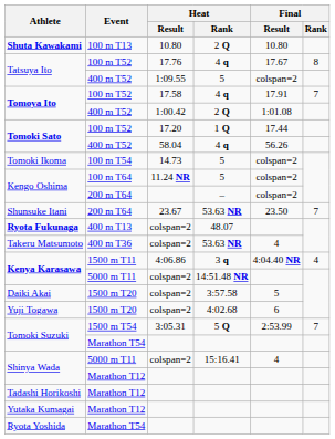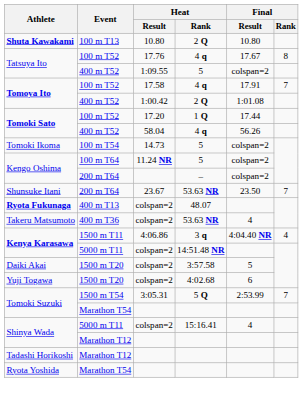 <table class="wikitable" style="font-size:90%">
 <tr>
 <th rowspan="2">Athlete</th>
 <th rowspan="2">Event</th>
 <th colspan="2">Heat</th>
 <th colspan="2">Final</th>
 </tr>
 <tr style="font-size:95%">
 <th>Result</th>
 <th>Rank</th>
 <th>Result</th>
 <th>Rank</th>
 </tr>
 <tr align=center>
 <td align=left><strong><a href='#'>Shuta Kawakami</a></strong></td>
 <td align=left><a href='#'>100 m T13</a></td>
 <td>10.80</td>
 <td>2 <strong>Q</strong></td>
 <td>10.80</td>
 <td></td>
 </tr>
 <tr align=center>
 <td align=left rowspan=2><a href='#'>Tatsuya Ito</a></td>
 <td align=left><a href='#'>100 m T52</a></td>
 <td>17.76</td>
 <td>4 <strong>q</strong></td>
 <td>17.67</td>
 <td>8</td>
 </tr>
 <tr align=center>
 <td align=left><a href='#'>400 m T52</a></td>
 <td>1:09.55</td>
 <td>5</td>
 <td>colspan=2 </td>
 </tr>
 <tr align=center>
 <td align=left rowspan=2><strong><a href='#'>Tomoya Ito</a></strong></td>
 <td align=left><a href='#'>100 m T52</a></td>
 <td>17.58</td>
 <td>4 <strong>q</strong></td>
 <td>17.91</td>
 <td>7</td>
 </tr>
 <tr align=center>
 <td align=left><a href='#'>400 m T52</a></td>
 <td>1:00.42</td>
 <td>2 <strong>Q</strong></td>
 <td>1:01.08</td>
 <td></td>
 </tr>
 <tr align=center>
 <td align=left rowspan=2><strong><a href='#'>Tomoki Sato</a></strong></td>
 <td align=left><a href='#'>100 m T52</a></td>
 <td>17.20</td>
 <td>1 <strong>Q</strong></td>
 <td>17.44</td>
 <td></td>
 </tr>
 <tr align=center>
 <td align=left><a href='#'>400 m T52</a></td>
 <td>58.04</td>
 <td>4 <strong>q</strong></td>
 <td>56.26</td>
 <td></td>
 </tr>
 <tr align=center>
 <td align=left><a href='#'>Tomoki Ikoma</a></td>
 <td align=left><a href='#'>100 m T54</a></td>
 <td>14.73</td>
 <td>5</td>
 <td>colspan=2 </td>
 </tr>
 <tr align=center>
 <td align=left rowspan=2><a href='#'>Kengo Oshima</a></td>
 <td align=left><a href='#'>100 m T64</a></td>
 <td>11.24 <strong><a href='#'>NR</a></strong></td>
 <td>5</td>
 <td>colspan=2 </td>
 </tr>
 <tr align=center>
 <td align=left><a href='#'>200 m T64</a></td>
 <td></td>
 <td>–</td>
 <td>colspan=2 </td>
 </tr>
 <tr align=center>
 <td align=left><a href='#'>Shunsuke Itani</a></td>
 <td align=left><a href='#'>200 m T64</a></td>
 <td>23.67</td>
 <td>53.63 <strong><a href='#'>NR</a></strong></td>
 <td>23.50</td>
 <td>7</td>
 </tr>
 <tr align=center>
 <td align=left><strong><a href='#'>Ryota Fukunaga</a></strong></td>
 <td align=left><a href='#'>400 m T13</a></td>
 <td>colspan=2 </td>
 <td>48.07</td>
 <td></td>
 </tr>
 <tr align=center>
 <td align=left><a href='#'>Takeru Matsumoto</a></td>
 <td align=left><a href='#'>400 m T36</a></td>
 <td>colspan=2 </td>
 <td>53.63 <strong><a href='#'>NR</a></strong></td>
 <td>4</td>
 </tr>
 <tr align=center>
 <td align=left rowspan=2><strong><a href='#'>Kenya Karasawa</a></strong></td>
 <td align=left><a href='#'>1500 m T11</a></td>
 <td>4:06.86</td>
 <td>3 <strong>q</strong></td>
 <td>4:04.40 <strong><a href='#'>NR</a></strong></td>
 <td>4</td>
 </tr>
 <tr align=center>
 <td align=left><a href='#'>5000 m T11</a></td>
 <td>colspan=2 </td>
 <td>14:51.48 <strong><a href='#'>NR</a></strong></td>
 <td></td>
 </tr>
 <tr align=center>
 <td align=left><a href='#'>Daiki Akai</a></td>
 <td align=left><a href='#'>1500 m T20</a></td>
 <td>colspan=2 </td>
 <td>3:57.58</td>
 <td>5</td>
 </tr>
 <tr align=center>
 <td align=left><a href='#'>Yuji Togawa</a></td>
 <td align=left><a href='#'>1500 m T20</a></td>
 <td>colspan=2 </td>
 <td>4:02.68</td>
 <td>6</td>
 </tr>
 <tr align=center>
 <td align=left rowspan=2><a href='#'>Tomoki Suzuki</a></td>
 <td align=left><a href='#'>1500 m T54</a></td>
 <td>3:05.31</td>
 <td>5 <strong>Q</strong></td>
 <td>2:53.99</td>
 <td>7</td>
 </tr>
 <tr align=center>
 <td align=left><a href='#'>Marathon T54</a></td>
 <td></td>
 <td></td>
 <td></td>
 <td></td>
 </tr>
 <tr align=center>
 <td align=left rowspan=2><a href='#'>Shinya Wada</a></td>
 <td align=left><a href='#'>5000 m T11</a></td>
 <td>colspan=2 </td>
 <td>15:16.41</td>
 <td>4</td>
 </tr>
 <tr align=center>
 <td align=left><a href='#'>Marathon T12</a></td>
 <td></td>
 <td></td>
 <td></td>
 <td></td>
 </tr>
 <tr align=center>
 <td align=left><a href='#'>Tadashi Horikoshi</a></td>
 <td align=left><a href='#'>Marathon T12</a></td>
 <td></td>
 <td></td>
 <td></td>
 <td></td>
 </tr>
 <tr align=center>
-<td align=left><a href='#'>Yutaka Kumagai</a></td>
-<td align=left><a href='#'>Marathon T12</a></td>
-<td></td>
-<td></td>
-<td></td>
-<td></td>
-</tr>
-<tr align=center>
 <td align=left><a href='#'>Ryota Yoshida</a></td>
 <td align=left><a href='#'>Marathon T54</a></td>
 <td></td>
 <td></td>
 <td></td>
 <td></td>
 </tr>
 </table>
